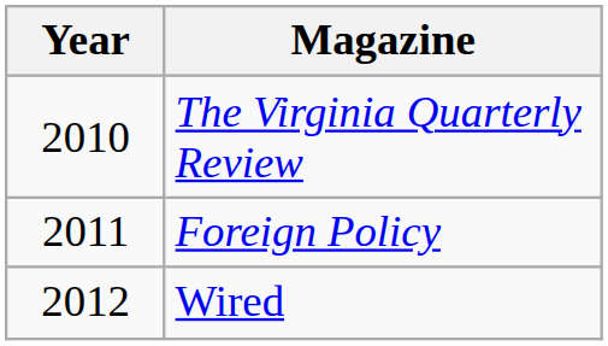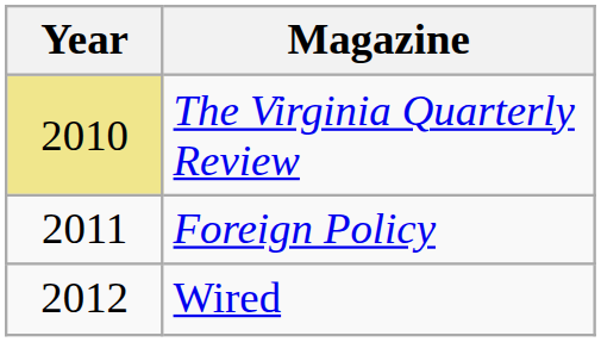 <table class="sortable wikitable plainrowheaders">
 <tr>
 <th scope="col" style="width:50px;">Year</th>
 <th scope="col" style="width:150px;">Magazine</th>
 </tr>
 <tr>
-<td align="center">2010</td>
+<td align="center" style="background: khaki;">2010</td>
 <td><em><a href='#'>The Virginia Quarterly Review</a></em></td>
 </tr>
 <tr>
 <td align="center">2011</td>
 <td><em><a href='#'>Foreign Policy</a></em></td>
 </tr>
 <tr>
 <td align="center">2012</td>
 <td><a href='#'>Wired</a></td>
 </tr>
 </table>
